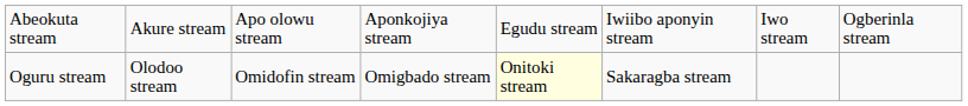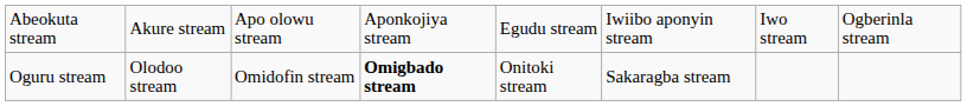 <table class="wikitable">
 <tr>
 <td>Abeokuta stream</td>
 <td>Akure stream</td>
 <td>Apo olowu stream</td>
 <td>Aponkojiya stream</td>
 <td>Egudu stream</td>
 <td>Iwiibo aponyin stream</td>
 <td>Iwo stream</td>
 <td>Ogberinla stream</td>
 </tr>
 <tr>
 <td>Oguru stream</td>
 <td>Olodoo stream</td>
 <td>Omidofin stream</td>
-<td>Omigbado stream</td>
-<td style="background: lightyellow;">Onitoki stream</td>
+<td><strong>Omigbado stream</strong></td>
+<td>Onitoki stream</td>
 <td>Sakaragba stream</td>
 <td></td>
 <td></td>
 </tr>
 </table>
